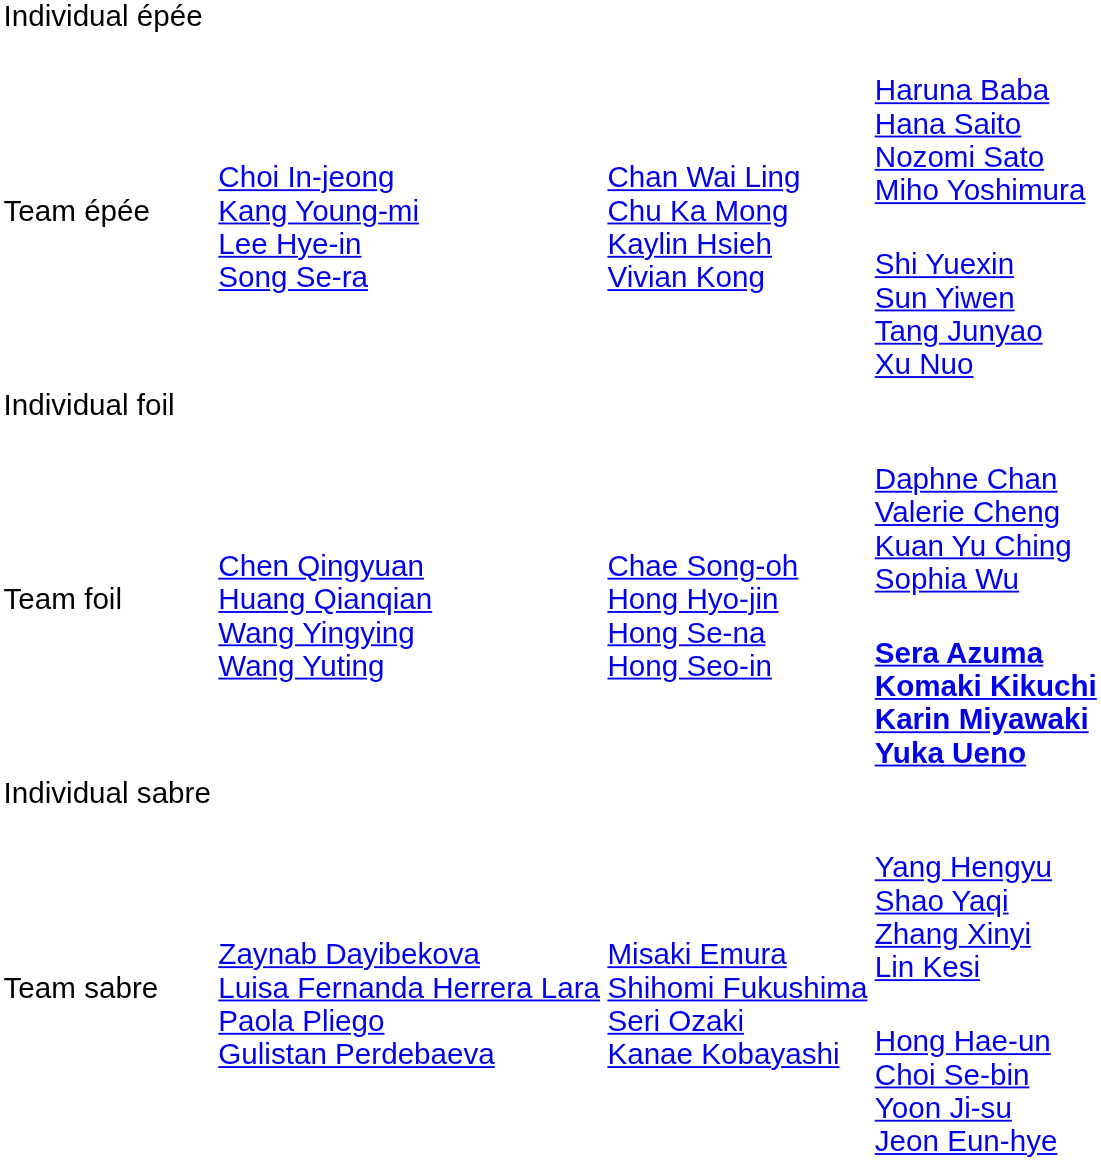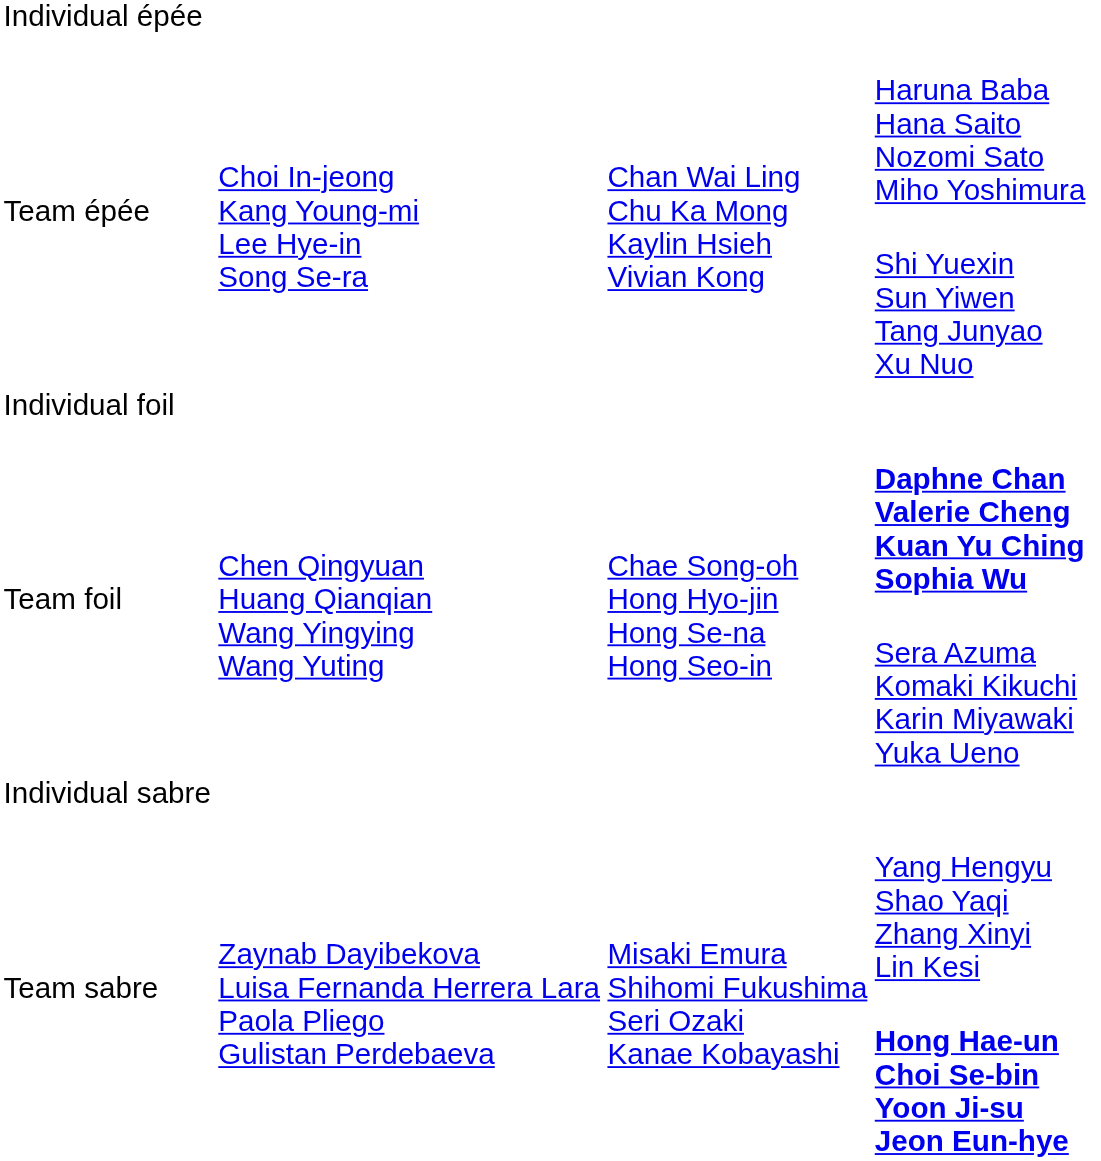 <table>
 <tr>
 <td rowspan=2>Individual épée<br></td>
 <td rowspan=2></td>
 <td rowspan=2></td>
 <td></td>
 </tr>
 <tr>
 <td></td>
 </tr>
 <tr>
 <td rowspan=2>Team épée<br></td>
 <td rowspan=2><br><a href='#'>Choi In-jeong</a><br><a href='#'>Kang Young-mi</a><br><a href='#'>Lee Hye-in</a><br><a href='#'>Song Se-ra</a></td>
 <td rowspan=2><br><a href='#'>Chan Wai Ling</a><br><a href='#'>Chu Ka Mong</a><br><a href='#'>Kaylin Hsieh</a><br><a href='#'>Vivian Kong</a></td>
 <td><br><a href='#'>Haruna Baba</a><br><a href='#'>Hana Saito</a><br><a href='#'>Nozomi Sato</a><br><a href='#'>Miho Yoshimura</a></td>
 </tr>
 <tr>
 <td><br><a href='#'>Shi Yuexin</a><br><a href='#'>Sun Yiwen</a><br><a href='#'>Tang Junyao</a><br><a href='#'>Xu Nuo</a></td>
 </tr>
 <tr>
 <td rowspan=2>Individual foil<br></td>
 <td rowspan=2></td>
 <td rowspan=2></td>
 <td></td>
 </tr>
 <tr>
 <td></td>
 </tr>
 <tr>
 <td rowspan=2>Team foil<br></td>
 <td rowspan=2><br><a href='#'>Chen Qingyuan</a><br><a href='#'>Huang Qianqian</a><br><a href='#'>Wang Yingying</a><br><a href='#'>Wang Yuting</a></td>
 <td rowspan=2><br><a href='#'>Chae Song-oh</a><br><a href='#'>Hong Hyo-jin</a><br><a href='#'>Hong Se-na</a><br><a href='#'>Hong Seo-in</a></td>
-<td><br><a href='#'>Daphne Chan</a><br><a href='#'>Valerie Cheng</a><br><a href='#'>Kuan Yu Ching</a><br><a href='#'>Sophia Wu</a></td>
+<td><strong><br><a href='#'>Daphne Chan</a><br><a href='#'>Valerie Cheng</a><br><a href='#'>Kuan Yu Ching</a><br><a href='#'>Sophia Wu</a></strong></td>
 </tr>
 <tr>
-<td><strong><br><a href='#'>Sera Azuma</a><br><a href='#'>Komaki Kikuchi</a><br><a href='#'>Karin Miyawaki</a><br><a href='#'>Yuka Ueno</a></strong></td>
+<td><br><a href='#'>Sera Azuma</a><br><a href='#'>Komaki Kikuchi</a><br><a href='#'>Karin Miyawaki</a><br><a href='#'>Yuka Ueno</a></td>
 </tr>
 <tr>
 <td rowspan=2>Individual sabre<br></td>
 <td rowspan=2></td>
 <td rowspan=2></td>
 <td></td>
 </tr>
 <tr>
 <td></td>
 </tr>
 <tr>
 <td rowspan=2>Team sabre<br></td>
 <td rowspan=2><br><a href='#'>Zaynab Dayibekova</a><br><a href='#'>Luisa Fernanda Herrera Lara</a><br><a href='#'>Paola Pliego</a><br><a href='#'>Gulistan Perdebaeva</a></td>
 <td rowspan=2><br><a href='#'>Misaki Emura</a><br><a href='#'>Shihomi Fukushima</a><br><a href='#'>Seri Ozaki</a><br><a href='#'>Kanae Kobayashi</a></td>
 <td><br><a href='#'>Yang Hengyu</a><br><a href='#'>Shao Yaqi</a><br><a href='#'>Zhang Xinyi</a><br><a href='#'>Lin Kesi</a></td>
 </tr>
 <tr>
-<td><br><a href='#'>Hong Hae-un</a><br><a href='#'>Choi Se-bin</a><br><a href='#'>Yoon Ji-su</a><br><a href='#'>Jeon Eun-hye</a></td>
+<td><strong><br><a href='#'>Hong Hae-un</a><br><a href='#'>Choi Se-bin</a><br><a href='#'>Yoon Ji-su</a><br><a href='#'>Jeon Eun-hye</a></strong></td>
 </tr>
 </table>
